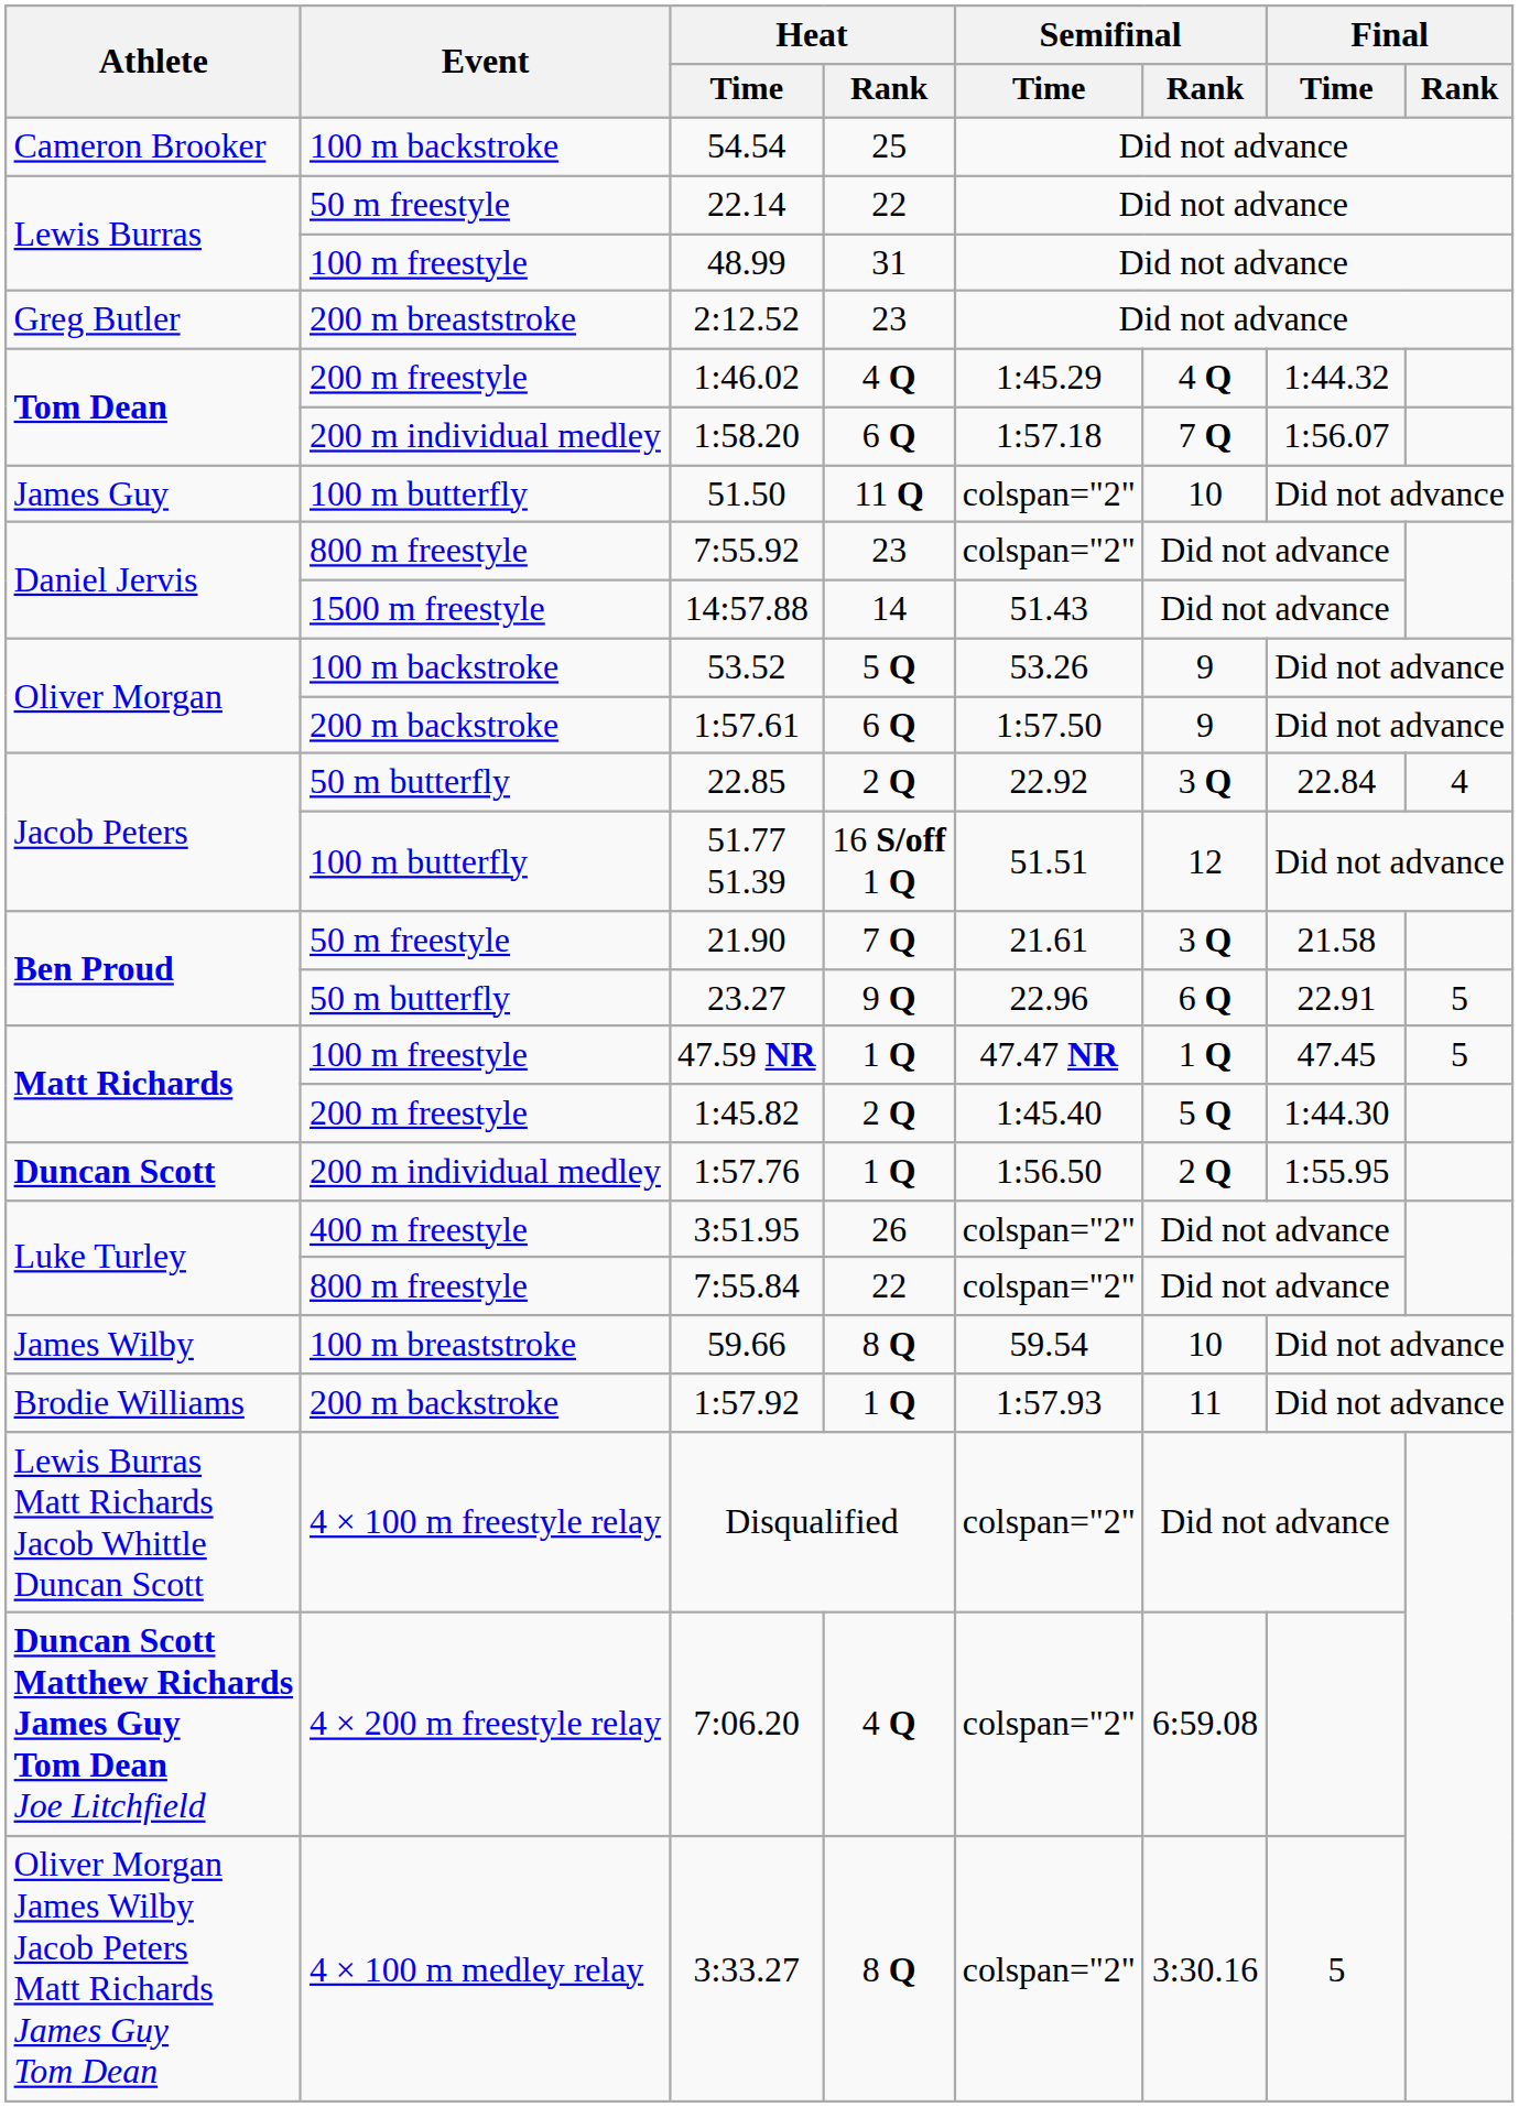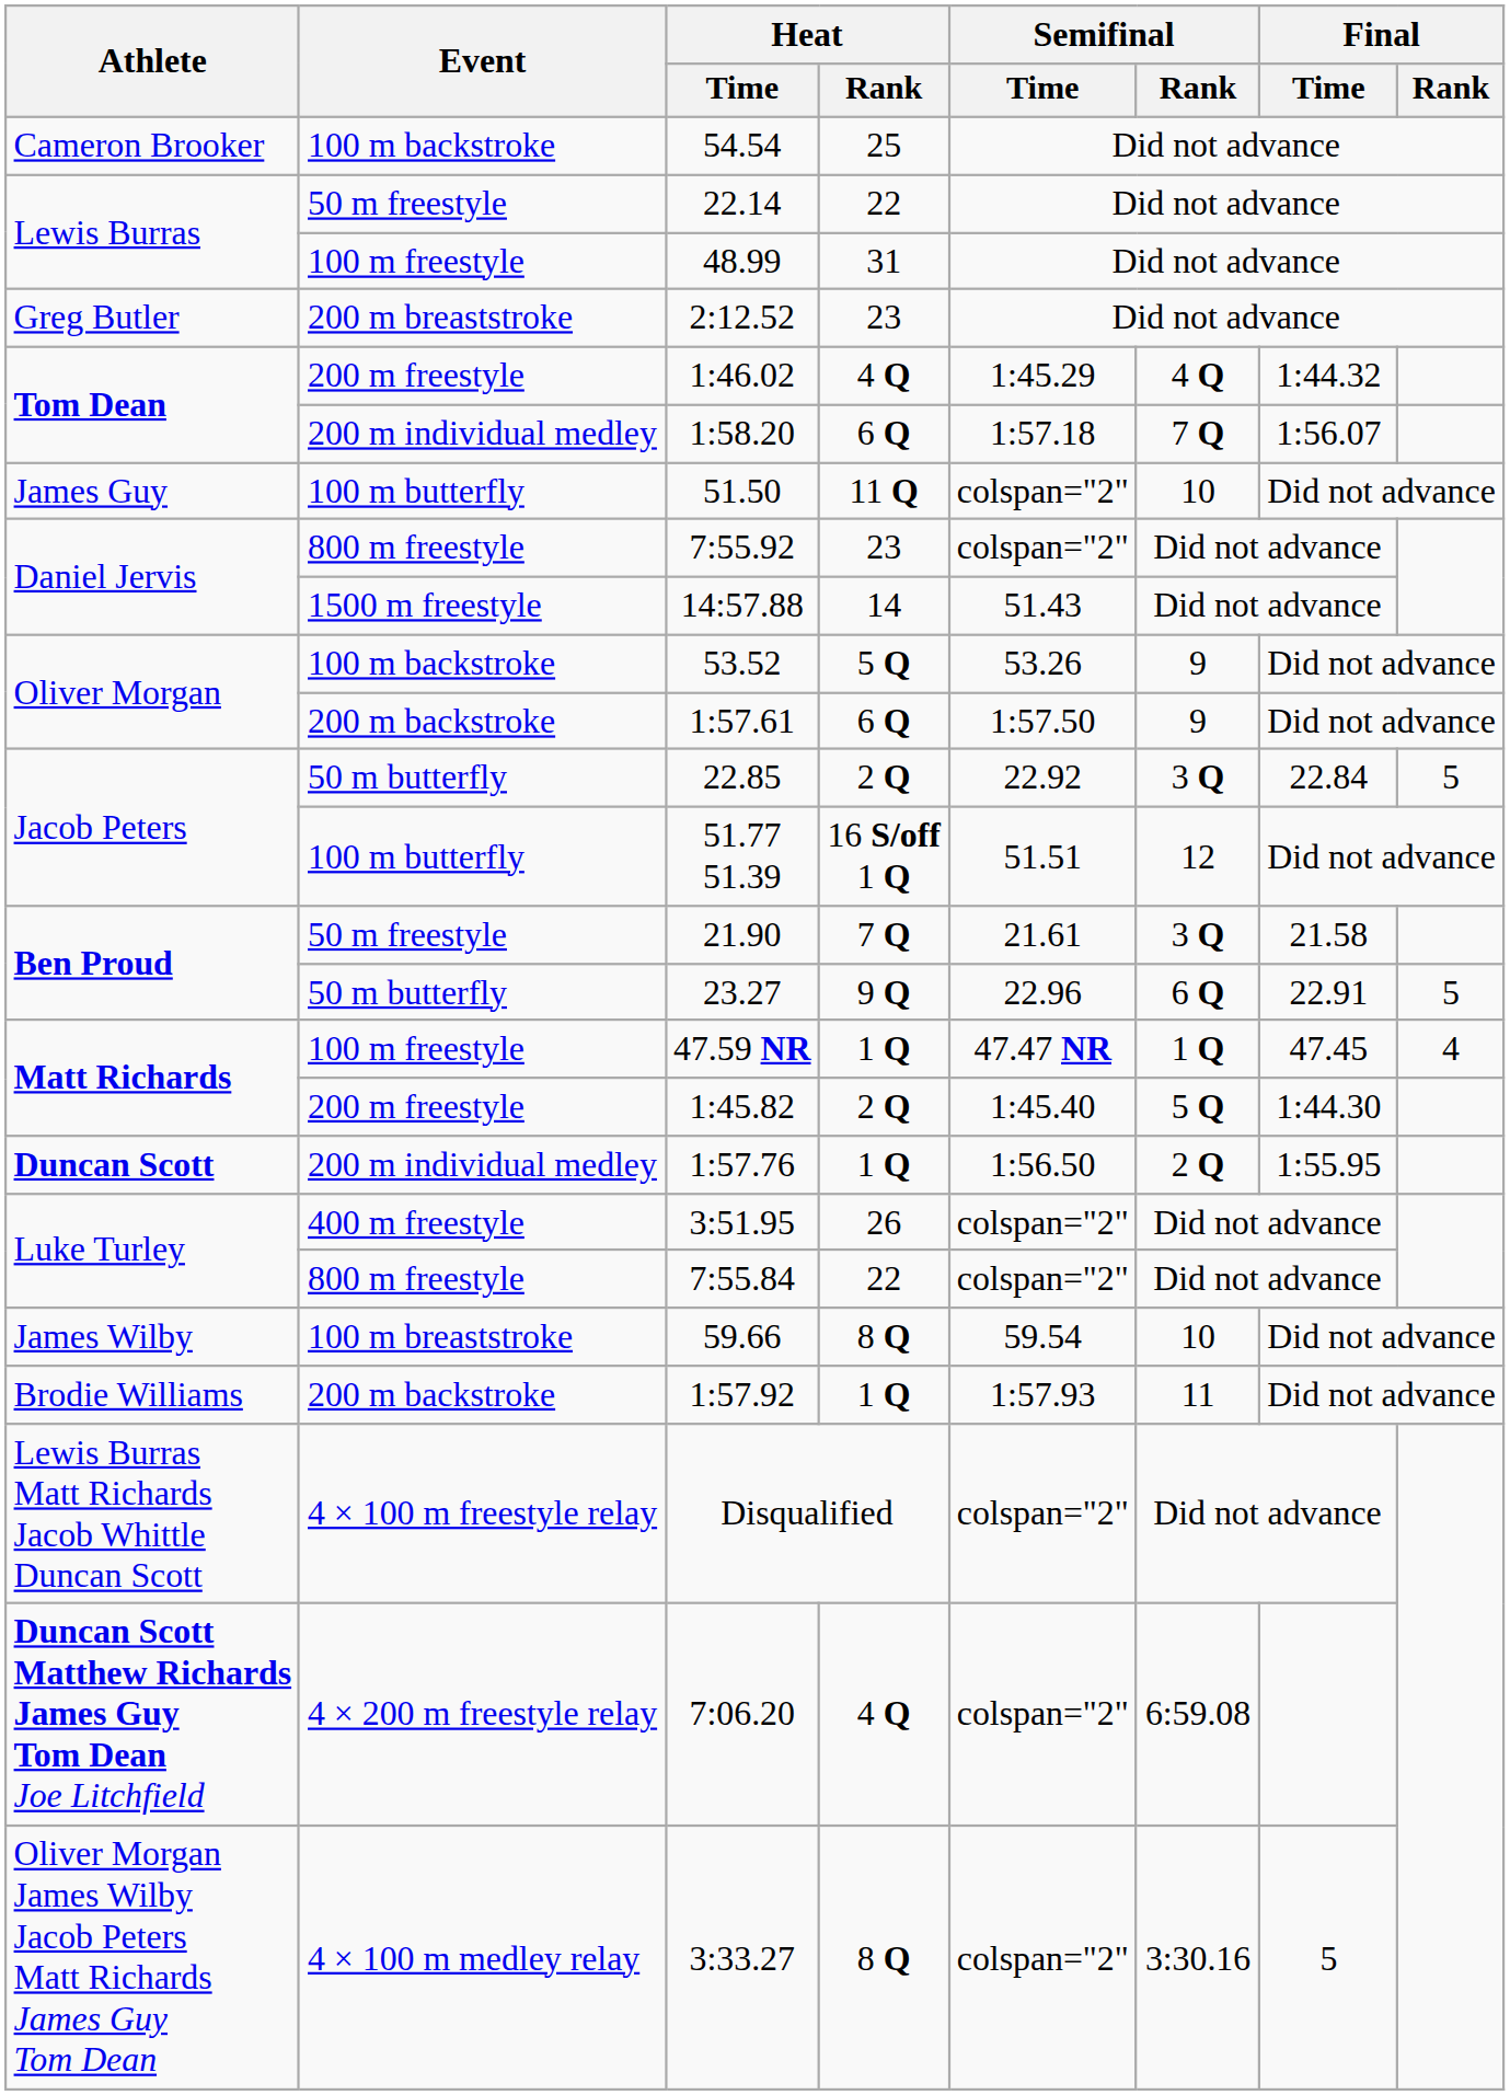 <table class="wikitable" style="text-align:center; font-size:90%">
 <tr>
 <th rowspan="2">Athlete</th>
 <th rowspan="2">Event</th>
 <th colspan="2">Heat</th>
 <th colspan="2">Semifinal</th>
 <th colspan="2">Final</th>
 </tr>
 <tr style="font-size:95%">
 <th>Time</th>
 <th>Rank</th>
 <th>Time</th>
 <th>Rank</th>
 <th>Time</th>
 <th>Rank</th>
 </tr>
 <tr>
 <td align=left><a href='#'>Cameron Brooker</a></td>
 <td align=left><a href='#'>100 m backstroke</a></td>
 <td>54.54</td>
 <td>25</td>
 <td colspan=4>Did not advance</td>
 </tr>
 <tr>
 <td align=left rowspan=2><a href='#'>Lewis Burras</a></td>
 <td align=left><a href='#'>50 m freestyle</a></td>
 <td>22.14</td>
 <td>22</td>
 <td colspan=4>Did not advance</td>
 </tr>
 <tr>
 <td align=left><a href='#'>100 m freestyle</a></td>
 <td>48.99</td>
 <td>31</td>
 <td colspan=4>Did not advance</td>
 </tr>
 <tr>
 <td align=left><a href='#'>Greg Butler</a></td>
 <td align=left><a href='#'>200 m breaststroke</a></td>
 <td>2:12.52</td>
 <td>23</td>
 <td colspan=4>Did not advance</td>
 </tr>
 <tr>
 <td align=left rowspan="2"><strong><a href='#'>Tom Dean</a></strong></td>
 <td align=left><a href='#'>200 m freestyle</a></td>
 <td>1:46.02</td>
 <td>4 <strong>Q</strong></td>
 <td>1:45.29</td>
 <td>4 <strong>Q</strong></td>
 <td>1:44.32</td>
 <td></td>
 </tr>
 <tr>
 <td align=left><a href='#'>200 m individual medley</a></td>
 <td>1:58.20</td>
 <td>6 <strong>Q</strong></td>
 <td>1:57.18</td>
 <td>7 <strong>Q</strong></td>
 <td>1:56.07</td>
 <td></td>
 </tr>
 <tr>
 <td align=left><a href='#'>James Guy</a></td>
 <td align=left><a href='#'>100 m butterfly</a></td>
 <td>51.50</td>
 <td>11 <strong>Q</strong></td>
 <td>colspan="2" </td>
 <td>10</td>
 <td colspan="2">Did not advance</td>
 </tr>
 <tr>
 <td align=left rowspan=2><a href='#'>Daniel Jervis</a></td>
 <td align=left><a href='#'>800 m freestyle</a></td>
 <td>7:55.92</td>
 <td>23</td>
 <td>colspan="2" </td>
 <td colspan="2">Did not advance</td>
 </tr>
 <tr>
 <td align=left><a href='#'>1500 m freestyle</a></td>
 <td>14:57.88</td>
 <td>14</td>
 <td>51.43</td>
 <td colspan="2">Did not advance</td>
 </tr>
 <tr>
 <td align=left rowspan=2><a href='#'>Oliver Morgan</a></td>
 <td align=left><a href='#'>100 m backstroke</a></td>
 <td>53.52</td>
 <td>5 <strong>Q</strong></td>
 <td>53.26</td>
 <td>9</td>
 <td colspan="2">Did not advance</td>
 </tr>
 <tr>
 <td align=left><a href='#'>200 m backstroke</a></td>
 <td>1:57.61</td>
 <td>6 <strong>Q</strong></td>
 <td>1:57.50</td>
 <td>9</td>
 <td colspan="2">Did not advance</td>
 </tr>
 <tr>
 <td align=left rowspan=2><a href='#'>Jacob Peters</a></td>
 <td align=left><a href='#'>50 m butterfly</a></td>
 <td>22.85</td>
 <td>2 <strong>Q</strong></td>
 <td>22.92</td>
 <td>3 <strong>Q</strong></td>
 <td>22.84</td>
-<td>4</td>
+<td>5</td>
 </tr>
 <tr>
 <td align=left><a href='#'>100 m butterfly</a></td>
 <td>51.77<br>51.39</td>
 <td>16 <strong>S/off</strong><br>1 <strong>Q</strong></td>
 <td>51.51</td>
 <td>12</td>
 <td colspan="2">Did not advance</td>
 </tr>
 <tr>
 <td align=left rowspan=2><strong><a href='#'>Ben Proud</a></strong></td>
 <td align=left><a href='#'>50 m freestyle</a></td>
 <td>21.90</td>
 <td>7 <strong>Q</strong></td>
 <td>21.61</td>
 <td>3 <strong>Q</strong></td>
 <td>21.58</td>
 <td></td>
 </tr>
 <tr>
 <td align=left><a href='#'>50 m butterfly</a></td>
 <td>23.27</td>
 <td>9 <strong>Q</strong></td>
 <td>22.96</td>
 <td>6 <strong>Q</strong></td>
 <td>22.91</td>
 <td>5</td>
 </tr>
 <tr>
 <td align=left rowspan=2><strong><a href='#'>Matt Richards</a></strong></td>
 <td align=left><a href='#'>100 m freestyle</a></td>
 <td>47.59 <strong><a href='#'>NR</a></strong></td>
 <td>1 <strong>Q</strong></td>
 <td>47.47 <strong><a href='#'>NR</a></strong></td>
 <td>1 <strong>Q</strong></td>
 <td>47.45</td>
-<td>5</td>
+<td>4</td>
 </tr>
 <tr>
 <td align=left><a href='#'>200 m freestyle</a></td>
 <td>1:45.82</td>
 <td>2 <strong>Q</strong></td>
 <td>1:45.40</td>
 <td>5 <strong>Q</strong></td>
 <td>1:44.30</td>
 <td></td>
 </tr>
 <tr>
 <td align=left><strong><a href='#'>Duncan Scott</a></strong></td>
 <td align=left><a href='#'>200 m individual medley</a></td>
 <td>1:57.76</td>
 <td>1 <strong>Q</strong></td>
 <td>1:56.50</td>
 <td>2 <strong>Q</strong></td>
 <td>1:55.95</td>
 <td></td>
 </tr>
 <tr>
 <td align=left rowspan=2><a href='#'>Luke Turley</a></td>
 <td align=left><a href='#'>400 m freestyle</a></td>
 <td>3:51.95</td>
 <td>26</td>
 <td>colspan="2" </td>
 <td colspan="2">Did not advance</td>
 </tr>
 <tr>
 <td align=left><a href='#'>800 m freestyle</a></td>
 <td>7:55.84</td>
 <td>22</td>
 <td>colspan="2" </td>
 <td colspan="2">Did not advance</td>
 </tr>
 <tr>
 <td align=left><a href='#'>James Wilby</a></td>
 <td align=left><a href='#'>100 m breaststroke</a></td>
 <td>59.66</td>
 <td>8 <strong>Q</strong></td>
 <td>59.54</td>
 <td>10</td>
 <td colspan="2">Did not advance</td>
 </tr>
 <tr>
 <td align=left><a href='#'>Brodie Williams</a></td>
 <td align=left><a href='#'>200 m backstroke</a></td>
 <td>1:57.92</td>
 <td>1 <strong>Q</strong></td>
 <td>1:57.93</td>
 <td>11</td>
 <td colspan="2">Did not advance</td>
 </tr>
 <tr>
 <td align=left><a href='#'>Lewis Burras</a> <br><a href='#'>Matt Richards</a> <br><a href='#'>Jacob Whittle</a> <br><a href='#'>Duncan Scott</a></td>
 <td align=left><a href='#'>4 × 100 m freestyle relay</a></td>
 <td colspan=2>Disqualified</td>
 <td>colspan="2" </td>
 <td colspan="2">Did not advance</td>
 </tr>
 <tr>
 <td align=left><strong><a href='#'>Duncan Scott</a> <br><a href='#'>Matthew Richards</a><br><a href='#'>James Guy</a><br><a href='#'>Tom Dean</a></strong><br><em><a href='#'>Joe Litchfield</a></em></td>
 <td align=left><a href='#'>4 × 200 m freestyle relay</a></td>
 <td>7:06.20</td>
 <td>4 <strong>Q</strong></td>
 <td>colspan="2" </td>
 <td>6:59.08</td>
 <td></td>
 </tr>
 <tr>
 <td align=left><a href='#'>Oliver Morgan</a> <br><a href='#'>James Wilby</a> <br><a href='#'>Jacob Peters</a> <br><a href='#'>Matt Richards</a><br><em><a href='#'>James Guy</a> <br><a href='#'>Tom Dean</a></em></td>
 <td align=left><a href='#'>4 × 100 m medley relay</a></td>
 <td>3:33.27</td>
 <td>8 <strong>Q</strong></td>
 <td>colspan="2" </td>
 <td>3:30.16</td>
 <td>5</td>
 </tr>
 </table>
